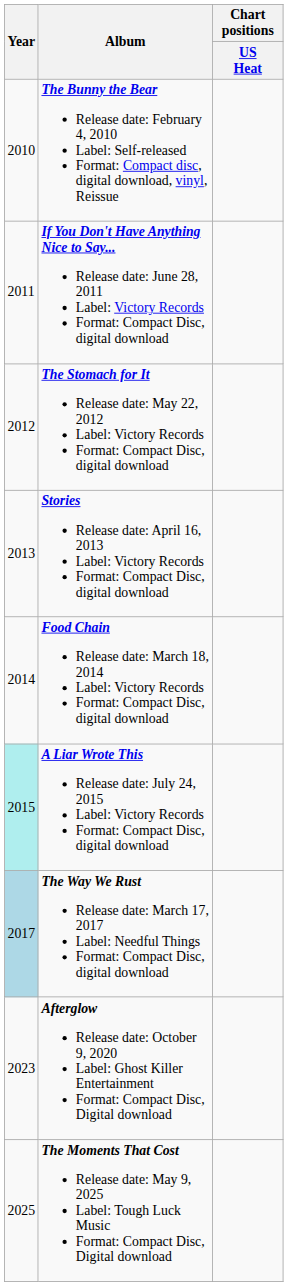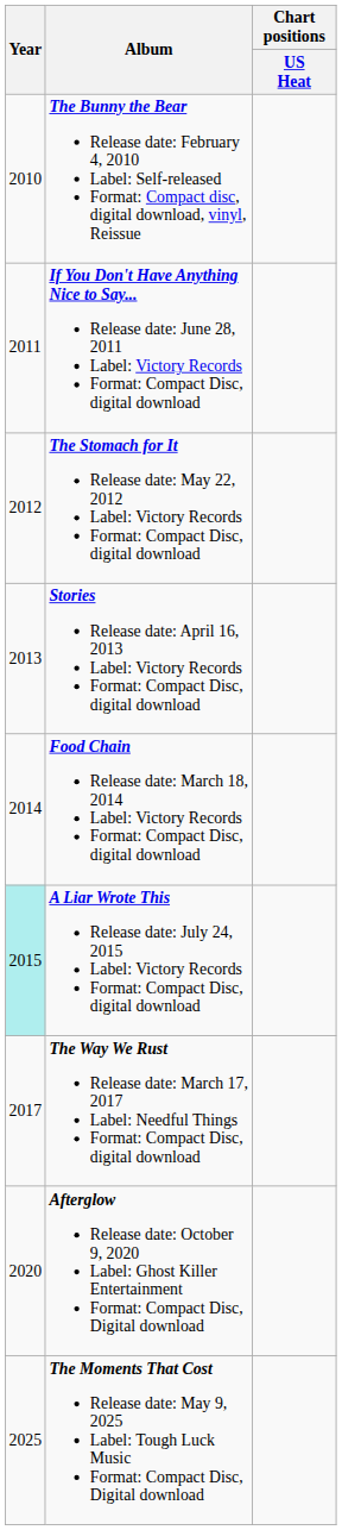 <table class="wikitable">
 <tr>
 <th style="width:18px;" rowspan="2">Year</th>
 <th style="width:195px;" rowspan="2">Album</th>
 <th colspan="5">Chart positions</th>
 </tr>
 <tr>
 <th style="width:75px;"><a href='#'>US<br>Heat</a><br></th>
 </tr>
 <tr>
 <td>2010</td>
 <td><strong><em><a href='#'>The Bunny the Bear</a></em></strong><br><ul><li>Release date: February 4, 2010</li><li>Label: Self-released</li><li>Format: <a href='#'>Compact disc</a>, digital download, <a href='#'>vinyl</a>, Reissue</li></ul></td>
 <td></td>
 </tr>
 <tr>
 <td>2011</td>
 <td><strong><em><a href='#'>If You Don't Have Anything Nice to Say...</a></em></strong><br><ul><li>Release date: June 28, 2011</li><li>Label: <a href='#'>Victory Records</a></li><li>Format: Compact Disc, digital download</li></ul></td>
 <td></td>
 </tr>
 <tr>
 <td>2012</td>
 <td><strong><em><a href='#'>The Stomach for It</a></em></strong><br><ul><li>Release date: May 22, 2012</li><li>Label: Victory Records</li><li>Format: Compact Disc, digital download</li></ul></td>
 <td></td>
 </tr>
 <tr>
 <td>2013</td>
 <td><strong><em><a href='#'>Stories</a></em></strong><br><ul><li>Release date: April 16, 2013</li><li>Label: Victory Records</li><li>Format: Compact Disc, digital download</li></ul></td>
 <td></td>
 </tr>
 <tr>
 <td>2014</td>
 <td><strong><em><a href='#'>Food Chain</a></em></strong><br><ul><li>Release date: March 18, 2014</li><li>Label: Victory Records</li><li>Format: Compact Disc, digital download</li></ul></td>
 <td></td>
 </tr>
 <tr>
 <td style="background: paleturquoise;">2015</td>
 <td><strong><em><a href='#'>A Liar Wrote This</a></em></strong><br><ul><li>Release date: July 24, 2015</li><li>Label: Victory Records</li><li>Format: Compact Disc, digital download</li></ul></td>
 <td></td>
 </tr>
 <tr>
-<td style="background: lightblue;">2017</td>
+<td>2017</td>
 <td><strong><em>The Way We Rust</em></strong><br><ul><li>Release date: March 17, 2017</li><li>Label: Needful Things</li><li>Format: Compact Disc, digital download</li></ul></td>
 <td></td>
 </tr>
 <tr>
-<td>2023</td>
+<td>2020</td>
 <td><strong><em>Afterglow</em></strong><br><ul><li>Release date: October 9, 2020</li><li>Label: Ghost Killer Entertainment</li><li>Format: Compact Disc, Digital download</li></ul></td>
 <td></td>
 </tr>
 <tr>
 <td>2025</td>
 <td><strong><em>The Moments That Cost</em></strong><br><ul><li>Release date: May 9, 2025</li><li>Label: Tough Luck Music</li><li>Format: Compact Disc, Digital download</li></ul></td>
 <td></td>
 </tr>
 </table>
